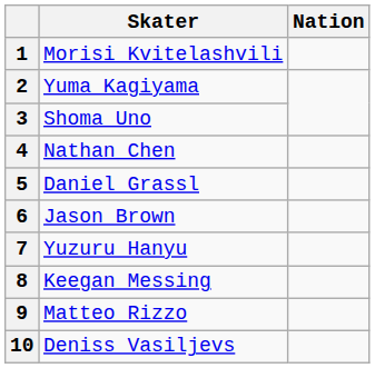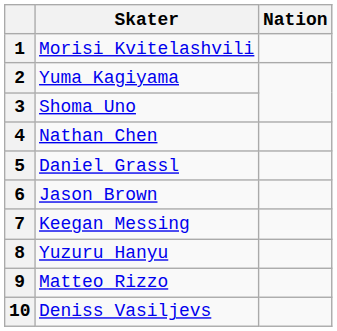 <table class="wikitable sortable" style="text-align: left">
 <tr>
 <th scope="col"></th>
 <th scope="col">Skater</th>
 <th scope="col">Nation</th>
 </tr>
 <tr>
 <th scope="row">1</th>
 <td><a href='#'>Morisi Kvitelashvili</a></td>
 <td></td>
 </tr>
 <tr>
 <th scope="row">2</th>
 <td><a href='#'>Yuma Kagiyama</a></td>
 <td rowspan="2"></td>
 </tr>
 <tr>
 <th scope="row">3</th>
 <td><a href='#'>Shoma Uno</a></td>
 </tr>
 <tr>
 <th scope="row">4</th>
 <td><a href='#'>Nathan Chen</a></td>
 <td></td>
 </tr>
 <tr>
 <th scope="row">5</th>
 <td><a href='#'>Daniel Grassl</a></td>
 <td></td>
 </tr>
 <tr>
 <th scope="row">6</th>
 <td><a href='#'>Jason Brown</a></td>
 <td></td>
 </tr>
 <tr>
 <th scope="row">7</th>
-<td><a href='#'>Yuzuru Hanyu</a></td>
+<td><a href='#'>Keegan Messing</a></td>
 <td></td>
 </tr>
 <tr>
 <th scope="row">8</th>
-<td><a href='#'>Keegan Messing</a></td>
+<td><a href='#'>Yuzuru Hanyu</a></td>
 <td></td>
 </tr>
 <tr>
 <th scope="row">9</th>
 <td><a href='#'>Matteo Rizzo</a></td>
 <td></td>
 </tr>
 <tr>
 <th scope="row">10</th>
 <td><a href='#'>Deniss Vasiljevs</a></td>
 <td></td>
 </tr>
 </table>
